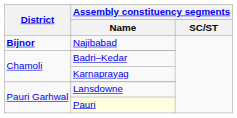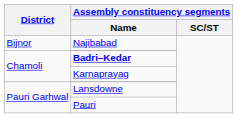 <table class="wikitable sortable">
 <tr>
 <th rowspan="2"><a href='#'>District</a></th>
 <th colspan="2"><a href='#'>Assembly constituency segments</a></th>
 </tr>
 <tr>
 <th>Name</th>
 <th>SC/ST</th>
 </tr>
 <tr>
-<td><strong><a href='#'>Bijnor</a></strong></td>
+<td><a href='#'>Bijnor</a></td>
 <td><a href='#'>Najibabad</a></td>
 <td rowspan="8"></td>
 </tr>
 <tr>
 <td rowspan="3"><a href='#'>Chamoli</a></td>
 </tr>
 <tr>
-<td><a href='#'>Badri–Kedar</a></td>
+<td><strong><a href='#'>Badri–Kedar</a></strong></td>
 </tr>
 <tr>
 <td><a href='#'>Karnaprayag</a></td>
 </tr>
 <tr>
 <td rowspan="3"><a href='#'>Pauri Garhwal</a></td>
 </tr>
 <tr>
 <td><a href='#'>Lansdowne</a></td>
 </tr>
 <tr>
-<td style="background: lightyellow;"><a href='#'>Pauri</a></td>
+<td><a href='#'>Pauri</a></td>
 </tr>
 </table>
